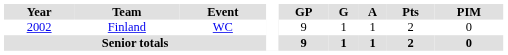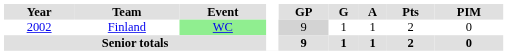 <table border="0" cellpadding="1" cellspacing="0" style="text-align:center; width:40em">
 <tr ALIGN="center" bgcolor="#e0e0e0">
 <th>Year</th>
 <th>Team</th>
 <th>Event</th>
 <th rowspan="99" bgcolor="#ffffff"> </th>
 <th>GP</th>
 <th>G</th>
 <th>A</th>
 <th>Pts</th>
 <th>PIM</th>
 </tr>
 <tr>
 <td><a href='#'>2002</a></td>
 <td><a href='#'>Finland</a></td>
-<td><a href='#'>WC</a></td>
-<td>9</td>
+<td style="background: lightgreen;"><a href='#'>WC</a></td>
+<td style="background: lightgrey;">9</td>
 <td>1</td>
 <td>1</td>
 <td>2</td>
 <td>0</td>
 </tr>
 <tr bgcolor="#e0e0e0">
 <th colspan="3">Senior totals</th>
 <th>9</th>
 <th>1</th>
 <th>1</th>
 <th>2</th>
 <th>0</th>
 </tr>
 </table>
